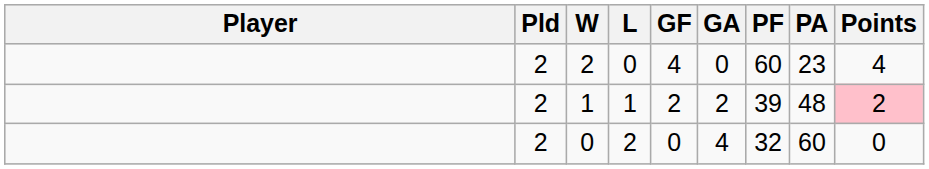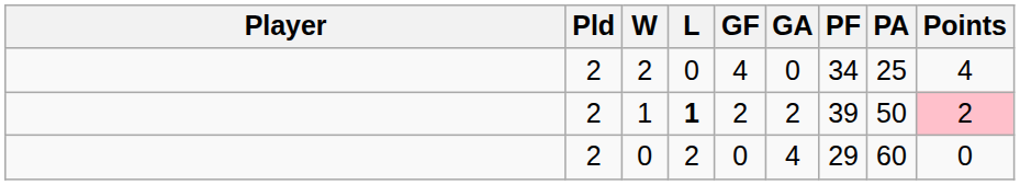 <table class=wikitable style="text-align:center">
 <tr>
 <th width=320>Player</th>
 <th width=20>Pld</th>
 <th width=20>W</th>
 <th width=20>L</th>
 <th width=20>GF</th>
 <th width=20>GA</th>
 <th width=20>PF</th>
 <th width=20>PA</th>
 <th width=50>Points</th>
 </tr>
 <tr>
 <td align=left></td>
 <td>2</td>
 <td>2</td>
 <td>0</td>
 <td>4</td>
 <td>0</td>
-<td>60</td>
-<td>23</td>
+<td>34</td>
+<td>25</td>
 <td>4</td>
 </tr>
 <tr>
 <td align=left></td>
 <td>2</td>
 <td>1</td>
-<td>1</td>
+<td><strong>1</strong></td>
 <td>2</td>
 <td>2</td>
 <td>39</td>
-<td>48</td>
+<td>50</td>
 <td style="background: pink;">2</td>
 </tr>
 <tr>
 <td align=left></td>
 <td>2</td>
 <td>0</td>
 <td>2</td>
 <td>0</td>
 <td>4</td>
-<td>32</td>
+<td>29</td>
 <td>60</td>
 <td>0</td>
 </tr>
 </table>
